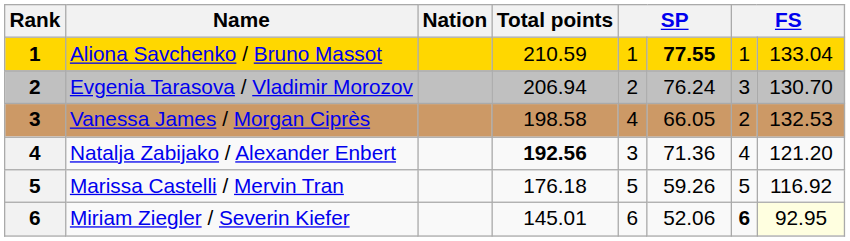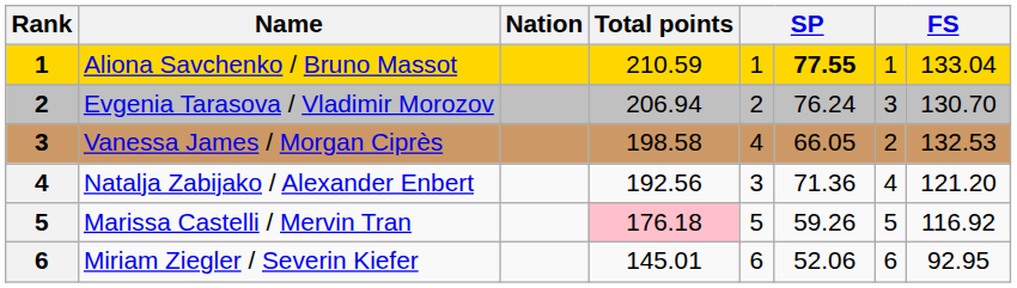 <table class="wikitable sortable">
 <tr>
 <th>Rank</th>
 <th>Name</th>
 <th>Nation</th>
 <th>Total points</th>
 <th colspan="2" width="80px"><a href='#'>SP</a></th>
 <th colspan="2" width="80px"><a href='#'>FS</a></th>
 </tr>
 <tr bgcolor="gold">
 <td align="center"><strong>1</strong></td>
 <td><a href='#'>Aliona Savchenko</a> / <a href='#'>Bruno Massot</a></td>
 <td></td>
 <td align="center">210.59</td>
 <td align="center">1</td>
 <td align="center"><strong>77.55</strong></td>
 <td align="center">1</td>
 <td align="center">133.04</td>
 </tr>
 <tr bgcolor="silver">
 <td align="center"><strong>2</strong></td>
 <td><a href='#'>Evgenia Tarasova</a> / <a href='#'>Vladimir Morozov</a></td>
 <td></td>
 <td align="center">206.94</td>
 <td align="center">2</td>
 <td align="center">76.24</td>
 <td align="center">3</td>
 <td align="center">130.70</td>
 </tr>
 <tr bgcolor="cc9966">
 <td align="center"><strong>3</strong></td>
 <td><a href='#'>Vanessa James</a> / <a href='#'>Morgan Ciprès</a></td>
 <td></td>
 <td align="center">198.58</td>
 <td align="center">4</td>
 <td align="center">66.05</td>
 <td align="center">2</td>
 <td align="center">132.53</td>
 </tr>
 <tr>
 <th>4</th>
 <td><a href='#'>Natalja Zabijako</a> / <a href='#'>Alexander Enbert</a></td>
 <td></td>
-<td align="center"><strong>192.56</strong></td>
+<td align="center">192.56</td>
 <td align="center">3</td>
 <td align="center">71.36</td>
 <td align="center">4</td>
 <td align="center">121.20</td>
 </tr>
 <tr>
 <th>5</th>
 <td><a href='#'>Marissa Castelli</a> / <a href='#'>Mervin Tran</a></td>
 <td></td>
-<td align="center">176.18</td>
+<td align="center" style="background: pink;">176.18</td>
 <td align="center">5</td>
 <td align="center">59.26</td>
 <td align="center">5</td>
 <td align="center">116.92</td>
 </tr>
 <tr>
 <th>6</th>
 <td><a href='#'>Miriam Ziegler</a> / <a href='#'>Severin Kiefer</a></td>
 <td></td>
 <td align="center">145.01</td>
 <td align="center">6</td>
 <td align="center">52.06</td>
-<td align="center"><strong>6</strong></td>
-<td align="center" style="background: lightyellow;">92.95</td>
+<td align="center">6</td>
+<td align="center">92.95</td>
 </tr>
 </table>
